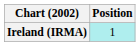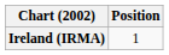 <table class="wikitable plainrowheaders" style="text-align:center">
 <tr>
 <th scope="col">Chart (2002)</th>
 <th scope="col">Position</th>
 </tr>
 <tr>
 <th scope="row">Ireland (IRMA)</th>
-<td style="background: paleturquoise;">1</td>
+<td>1</td>
 </tr>
 </table>
